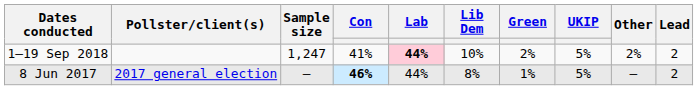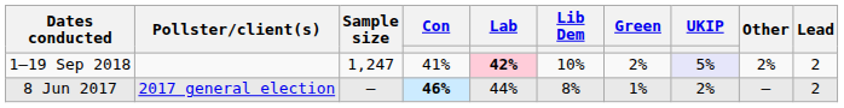 <table class="wikitable sortable mw-datatable" style="text-align:center;line-height:14px;">
 <tr>
 <th rowspan="2">Dates<br>conducted</th>
 <th rowspan="2">Pollster/client(s)</th>
 <th rowspan="2" data-sort-type="number">Sample<br>size</th>
 <th class="unsortable" style="width:50px;"><a href='#'>Con</a></th>
 <th class="unsortable" style="width:50px;"><a href='#'>Lab</a></th>
 <th class="unsortable" style="width:50px;"><a href='#'>Lib Dem</a></th>
 <th class="unsortable" style="width:50px;"><a href='#'>Green</a></th>
 <th class="unsortable" style="width:50px;"><a href='#'>UKIP</a></th>
 <th rowspan="2" class="unsortable">Other</th>
 <th rowspan="2" data-sort-type="number">Lead</th>
 </tr>
 <tr>
 <th data-sort-type="number" style="background:"></th>
 <th data-sort-type="number" style="background:"></th>
 <th data-sort-type="number" style="background:"></th>
 <th data-sort-type="number" style="background:"></th>
 <th data-sort-type="number" style="background:"></th>
 </tr>
 <tr>
 <td data-sort-value="2018-09-19">1–19 Sep 2018</td>
 <td></td>
 <td>1,247</td>
 <td>41%</td>
-<td style="background:#FFCCD9;"><strong>44%</strong></td>
+<td style="background:#FFCCD9;"><strong>42%</strong></td>
 <td>10%</td>
 <td>2%</td>
-<td>5%</td>
+<td style="background: lavender;">5%</td>
 <td>2%</td>
 <td style="background:">2</td>
 </tr>
 <tr style="background:#E9E9E9;">
 <td data-sort-value="2017-06-08">8 Jun 2017</td>
 <td><a href='#'>2017 general election</a></td>
 <td>–</td>
 <td style="background:#CCEBFF;"><strong>46%</strong></td>
 <td>44%</td>
 <td>8%</td>
 <td>1%</td>
-<td>5%</td>
+<td>2%</td>
 <td>–</td>
 <td style="background:">2</td>
 </tr>
 </table>
